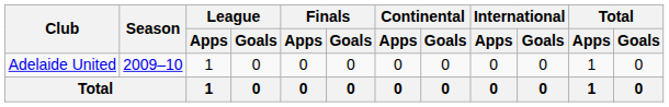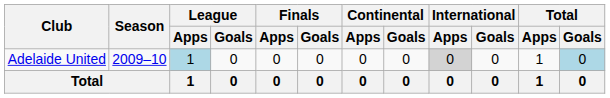 <table class="wikitable" style="text-align: center;">
 <tr>
 <th rowspan=2>Club</th>
 <th rowspan=2>Season</th>
 <th colspan=2>League</th>
 <th colspan=2>Finals</th>
 <th colspan=2>Continental</th>
 <th colspan=2>International</th>
 <th colspan=2>Total</th>
 </tr>
 <tr>
 <th>Apps</th>
 <th>Goals</th>
 <th>Apps</th>
 <th>Goals</th>
 <th>Apps</th>
 <th>Goals</th>
 <th>Apps</th>
 <th>Goals</th>
 <th>Apps</th>
 <th>Goals</th>
 </tr>
 <tr>
 <td><a href='#'>Adelaide United</a></td>
 <td><a href='#'>2009–10</a></td>
-<td>1</td>
+<td style="background: lightblue;">1</td>
 <td>0</td>
 <td>0</td>
 <td>0</td>
 <td>0</td>
 <td>0</td>
-<td>0</td>
+<td style="background: lightgrey;">0</td>
 <td>0</td>
 <td>1</td>
-<td>0</td>
+<td style="background: lightblue;">0</td>
 </tr>
 <tr>
 <th colspan="2">Total</th>
 <th>1</th>
 <th>0</th>
 <th>0</th>
 <th>0</th>
 <th>0</th>
 <th>0</th>
 <th>0</th>
 <th>0</th>
 <th>1</th>
 <th>0</th>
 </tr>
 </table>
